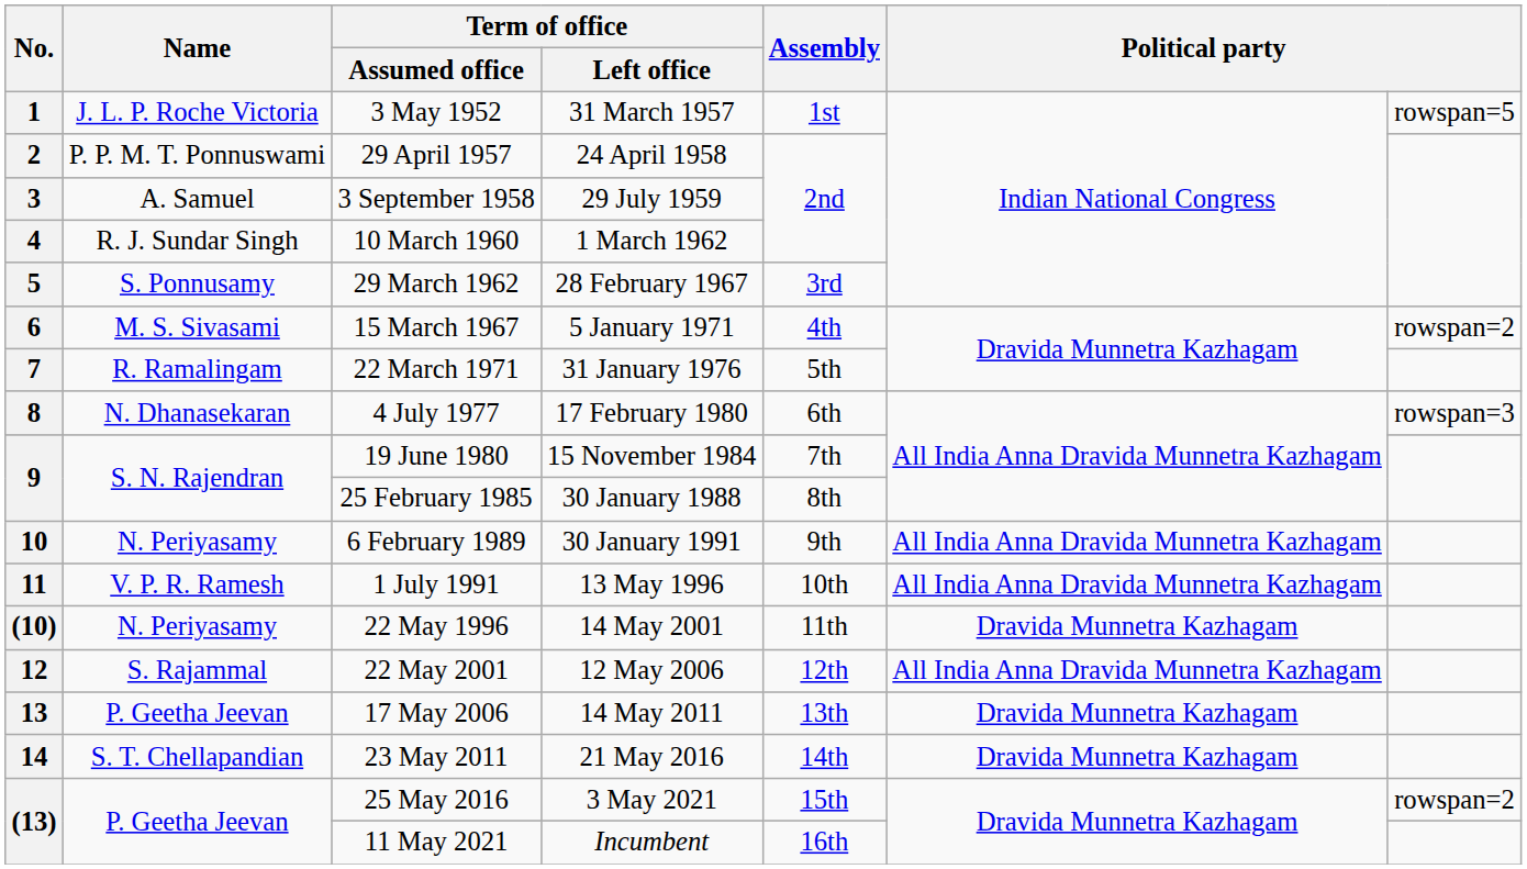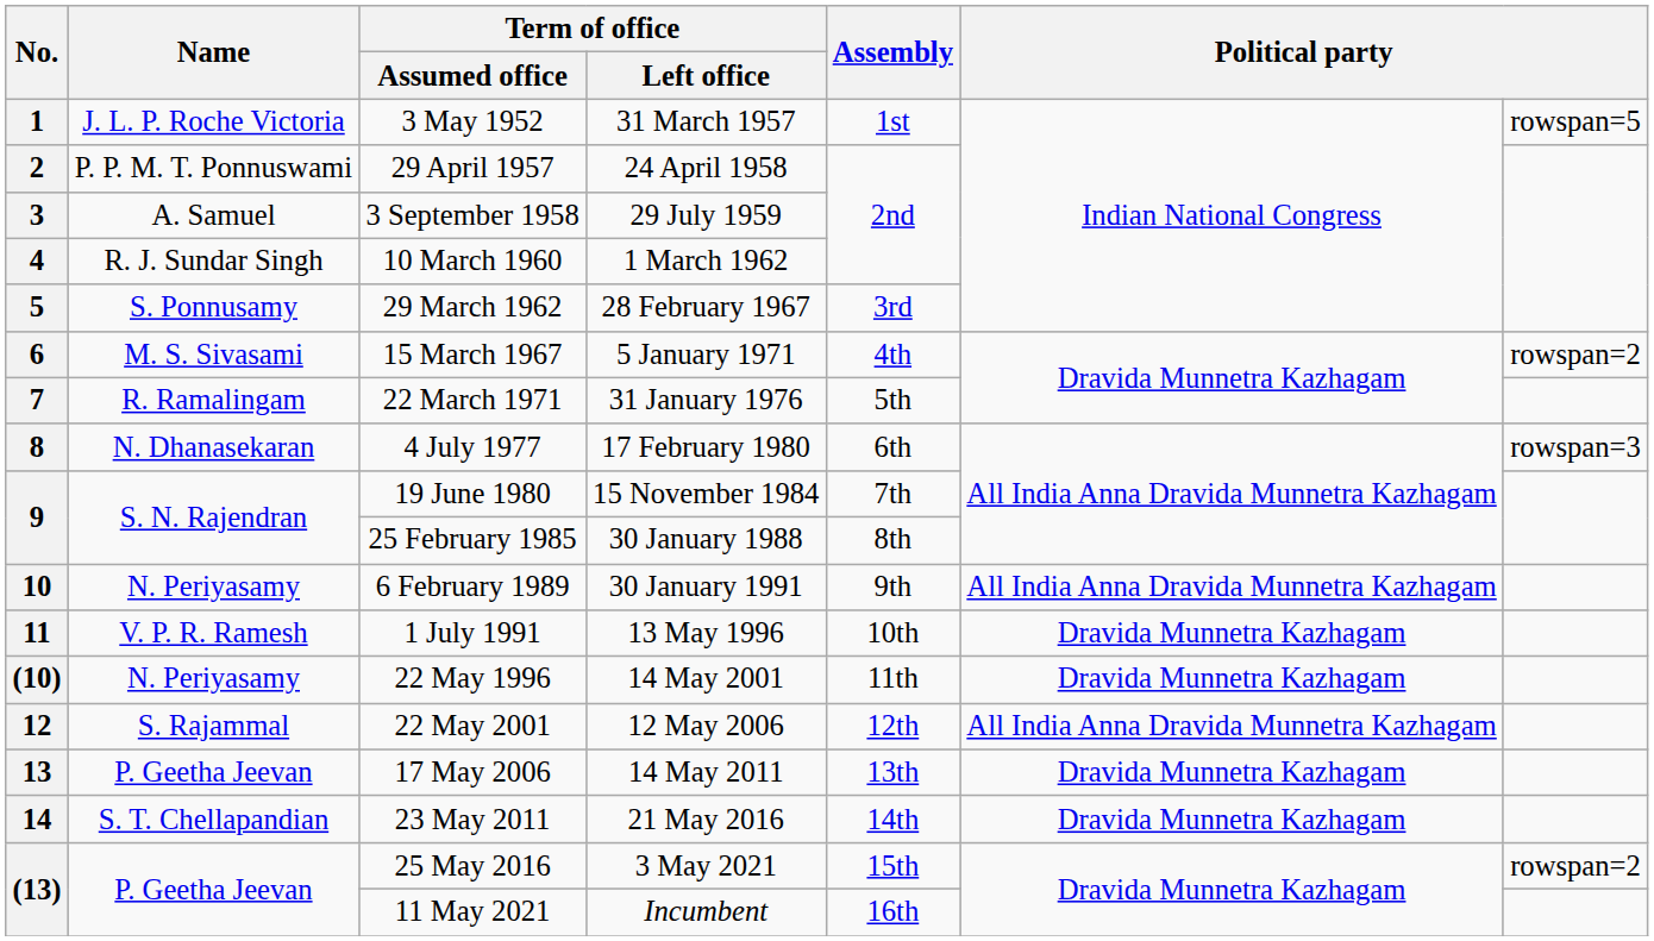 <table class="wikitable sortable" style="text-align:center">
 <tr>
 <th rowspan=2>No.</th>
 <th rowspan=2>Name</th>
 <th colspan=2>Term of office</th>
 <th rowspan=2><a href='#'>Assembly</a><br></th>
 <th rowspan=2 colspan=2>Political party</th>
 </tr>
 <tr>
 <th>Assumed office</th>
 <th>Left office</th>
 </tr>
 <tr>
 <th>1</th>
 <td><a href='#'>J. L. P. Roche Victoria</a></td>
 <td>3 May 1952</td>
 <td>31 March 1957</td>
 <td><a href='#'>1st</a><br></td>
 <td rowspan=5><a href='#'>Indian National Congress</a></td>
 <td>rowspan=5 </td>
 </tr>
 <tr>
 <th>2</th>
 <td>P. P. M. T. Ponnuswami</td>
 <td>29 April 1957</td>
 <td>24 April 1958</td>
 <td rowspan=3><a href='#'>2nd</a><br></td>
 </tr>
 <tr>
 <th>3</th>
 <td>A. Samuel</td>
 <td>3 September 1958</td>
 <td>29 July 1959</td>
 </tr>
 <tr>
 <th>4</th>
 <td>R. J. Sundar Singh</td>
 <td>10 March 1960</td>
 <td>1 March 1962</td>
 </tr>
 <tr>
 <th>5</th>
 <td><a href='#'>S. Ponnusamy</a></td>
 <td>29 March 1962</td>
 <td>28 February 1967</td>
 <td><a href='#'>3rd</a><br></td>
 </tr>
 <tr>
 <th>6</th>
 <td><a href='#'>M. S. Sivasami</a></td>
 <td>15 March 1967</td>
 <td>5 January 1971</td>
 <td><a href='#'>4th</a><br></td>
 <td rowspan=2><a href='#'>Dravida Munnetra Kazhagam</a></td>
 <td>rowspan=2 </td>
 </tr>
 <tr>
 <th>7</th>
 <td><a href='#'>R. Ramalingam</a></td>
 <td>22 March 1971</td>
 <td>31 January 1976</td>
 <td>5th<br></td>
 </tr>
 <tr>
 <th>8</th>
 <td><a href='#'>N. Dhanasekaran</a></td>
 <td>4 July 1977</td>
 <td>17 February 1980</td>
 <td>6th<br></td>
 <td rowspan=3><a href='#'>All India Anna Dravida Munnetra Kazhagam</a></td>
 <td>rowspan=3 </td>
 </tr>
 <tr>
 <th rowspan=2>9</th>
 <td rowspan=2><a href='#'>S. N. Rajendran</a></td>
 <td>19 June 1980</td>
 <td>15 November 1984</td>
 <td>7th<br></td>
 </tr>
 <tr>
 <td>25 February 1985</td>
 <td>30 January 1988</td>
 <td>8th<br></td>
 </tr>
 <tr>
 <th>10</th>
 <td><a href='#'>N. Periyasamy</a></td>
 <td>6 February 1989</td>
 <td>30 January 1991</td>
 <td>9th<br></td>
 <td><a href='#'>All India Anna Dravida Munnetra Kazhagam</a></td>
 <td></td>
 </tr>
 <tr>
 <th>11</th>
 <td><a href='#'>V. P. R. Ramesh</a></td>
 <td>1 July 1991</td>
 <td>13 May 1996</td>
 <td>10th<br></td>
-<td><a href='#'>All India Anna Dravida Munnetra Kazhagam</a></td>
+<td><a href='#'>Dravida Munnetra Kazhagam</a></td>
 <td></td>
 </tr>
 <tr>
 <th>(10)</th>
 <td><a href='#'>N. Periyasamy</a></td>
 <td>22 May 1996</td>
 <td>14 May 2001</td>
 <td>11th<br></td>
 <td><a href='#'>Dravida Munnetra Kazhagam</a></td>
 <td></td>
 </tr>
 <tr>
 <th>12</th>
 <td><a href='#'>S. Rajammal</a></td>
 <td>22 May 2001</td>
 <td>12 May 2006</td>
 <td><a href='#'>12th</a><br></td>
 <td><a href='#'>All India Anna Dravida Munnetra Kazhagam</a></td>
 <td></td>
 </tr>
 <tr>
 <th>13</th>
 <td><a href='#'>P. Geetha Jeevan</a></td>
 <td>17 May 2006</td>
 <td>14 May 2011</td>
 <td><a href='#'>13th</a><br></td>
 <td><a href='#'>Dravida Munnetra Kazhagam</a></td>
 <td></td>
 </tr>
 <tr>
 <th>14</th>
 <td><a href='#'>S. T. Chellapandian</a></td>
 <td>23 May 2011</td>
 <td>21 May 2016</td>
 <td><a href='#'>14th</a><br></td>
 <td><a href='#'>Dravida Munnetra Kazhagam</a></td>
 <td></td>
 </tr>
 <tr>
 <th rowspan=2>(13)</th>
 <td rowspan=2><a href='#'>P. Geetha Jeevan</a></td>
 <td>25 May 2016</td>
 <td>3 May 2021</td>
 <td><a href='#'>15th</a><br></td>
 <td rowspan=2><a href='#'>Dravida Munnetra Kazhagam</a></td>
 <td>rowspan=2 </td>
 </tr>
 <tr>
 <td>11 May 2021</td>
 <td><em>Incumbent</em></td>
 <td><a href='#'>16th</a><br></td>
 </tr>
 </table>
